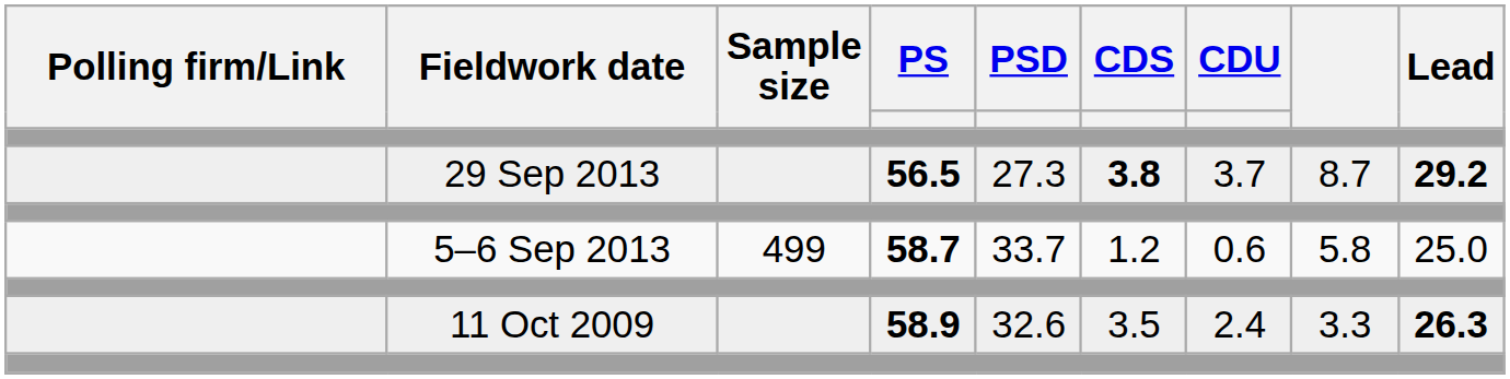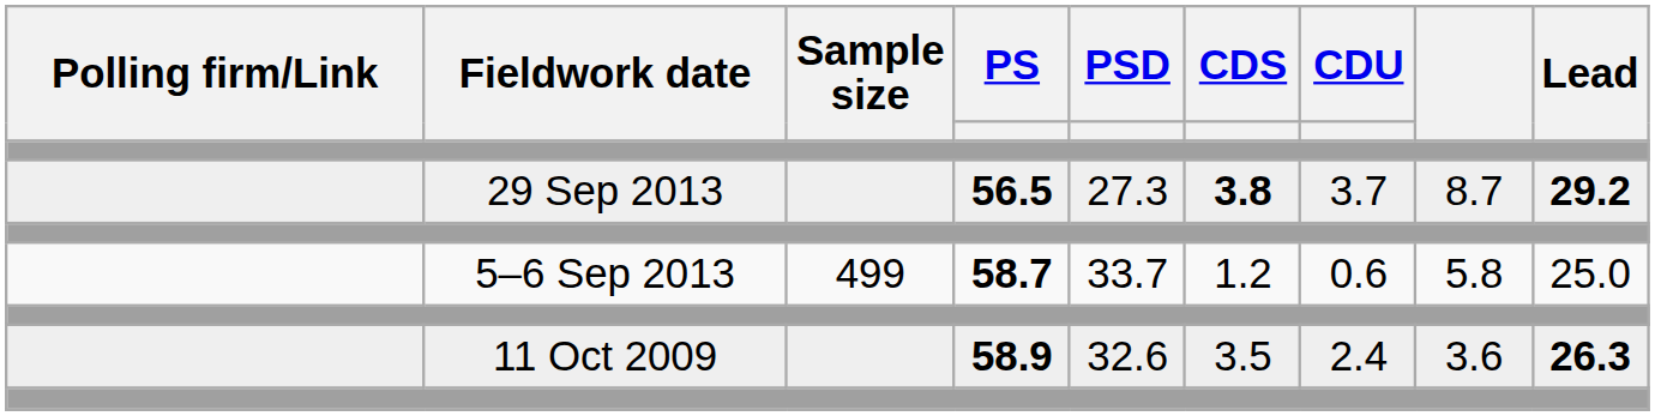 <table class="wikitable collapsible sortable" style="text-align:center; font-size:95%; line-height:16px;">
 <tr style="height:42px;">
 <th style="width:145px;" rowspan="2">Polling firm/Link</th>
 <th style="width:125px;" rowspan="2">Fieldwork date</th>
 <th class="unsortable" style="width:50px;" rowspan="2">Sample size</th>
 <th class="unsortable" style="width:35px;"><a href='#'>PS</a></th>
 <th class="unsortable" style="width:35px;"><a href='#'>PSD</a></th>
 <th class="unsortable" style="width:35px;"><a href='#'>CDS</a></th>
 <th class="unsortable" style="width:35px;"><a href='#'>CDU</a></th>
 <th class="unsortable" style="width:35px;" rowspan="2"></th>
 <th class="unsortable" style="width:30px;" rowspan="2">Lead</th>
 </tr>
 <tr>
 <th class="unsortable" style="color:inherit;background:"></th>
 <th class="unsortable" style="color:inherit;background:"></th>
 <th class="unsortable" style="color:inherit;background:"></th>
 <th class="unsortable" style="color:inherit;background:"></th>
 </tr>
 <tr>
 <td colspan="13" style="background:#A0A0A0"></td>
 </tr>
 <tr style="background:#EFEFEF;">
 <td><strong></strong></td>
 <td data-sort-value="2019-10-06">29 Sep 2013</td>
 <td></td>
 <td><strong>56.5</strong><br></td>
 <td>27.3<br></td>
 <td><strong>3.8<br></strong></td>
 <td>3.7<br></td>
 <td>8.7</td>
 <td style="background:"><strong>29.2</strong></td>
 </tr>
 <tr>
 <td colspan="13" style="background:#A0A0A0"></td>
 </tr>
 <tr>
 <td align="center"></td>
 <td align="center">5–6 Sep 2013</td>
 <td>499</td>
 <td align="center" ><strong>58.7</strong></td>
 <td align="center">33.7</td>
 <td align="center">1.2</td>
 <td align="center">0.6</td>
 <td align="center">5.8</td>
 <td style="background:">25.0</td>
 </tr>
 <tr>
 <td colspan="13" style="background:#A0A0A0"></td>
 </tr>
 <tr style="background:#EFEFEF;">
 <td><strong></strong></td>
 <td data-sort-value="2019-10-06">11 Oct 2009</td>
 <td></td>
 <td><strong>58.9</strong><br></td>
 <td>32.6<br></td>
 <td>3.5<br></td>
 <td>2.4<br></td>
-<td>3.3</td>
+<td>3.6</td>
 <td style="background:"><strong>26.3</strong></td>
 </tr>
 <tr>
 <td colspan="13" style="background:#A0A0A0"></td>
 </tr>
 <tr>
 </tr>
 </table>
